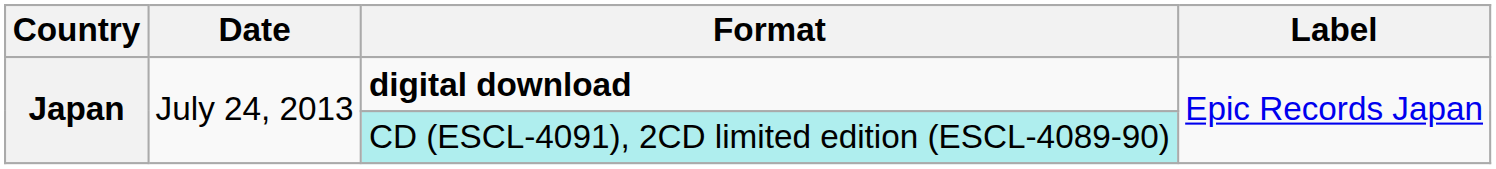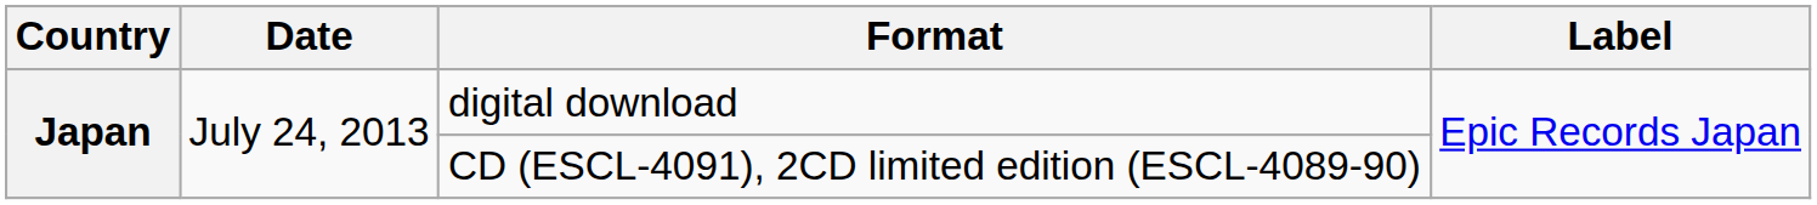 <table class="wikitable plainrowheaders">
 <tr>
 <th scope="col">Country</th>
 <th>Date</th>
 <th>Format</th>
 <th>Label</th>
 </tr>
 <tr>
 <th scope="row" rowspan="2">Japan</th>
 <td scope="row" rowspan="2">July 24, 2013</td>
-<td><strong>digital download</strong></td>
+<td>digital download</td>
 <td scope="row" rowspan="2"><a href='#'>Epic Records Japan</a></td>
 </tr>
 <tr>
-<td style="background: paleturquoise;">CD (ESCL-4091), 2CD limited edition (ESCL-4089-90)</td>
+<td>CD (ESCL-4091), 2CD limited edition (ESCL-4089-90)</td>
 </tr>
 </table>
